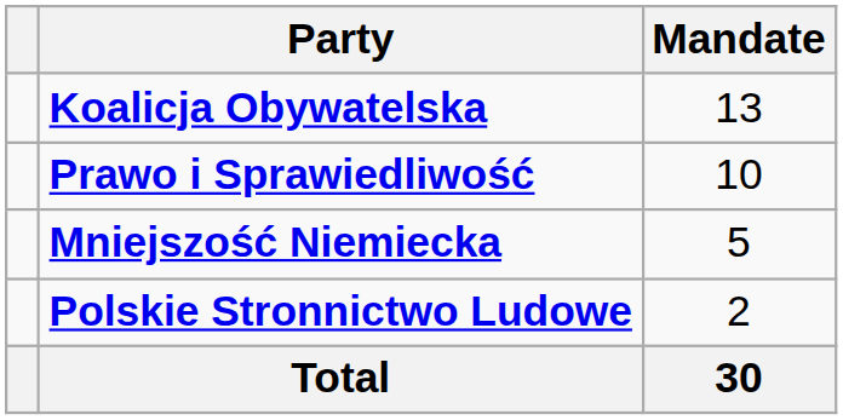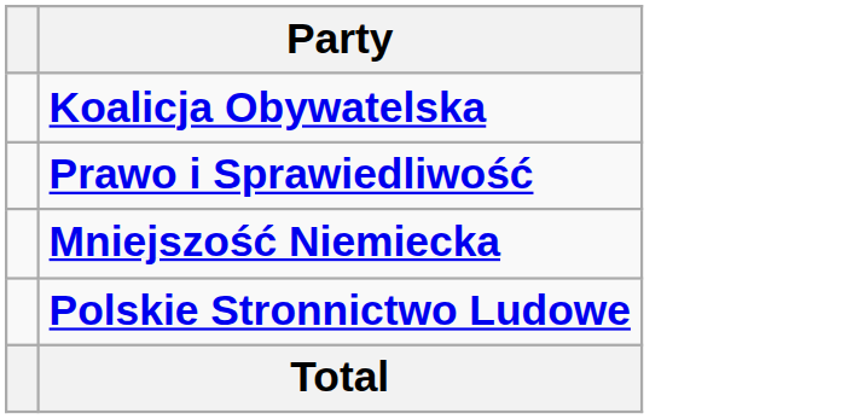 <table class="wikitable">
 <tr>
 <th width=5></th>
 <th>Party</th>
-<th>Mandate</th>
 </tr>
 <tr>
 <td style="background:"></td>
 <td><strong><a href='#'>Koalicja Obywatelska</a></strong></td>
-<td align="center">13</td>
 </tr>
 <tr>
 <td style="background:"></td>
 <td><strong><a href='#'>Prawo i Sprawiedliwość</a></strong></td>
-<td align="center">10</td>
 </tr>
 <tr>
 <td style="background:"></td>
 <td><strong><a href='#'>Mniejszość Niemiecka</a></strong></td>
-<td align="center">5</td>
 </tr>
 <tr>
 <td style="background:"></td>
 <td><strong><a href='#'>Polskie Stronnictwo Ludowe</a></strong></td>
-<td align="center">2</td>
 </tr>
 <tr bgcolor="#ececec">
 <th></th>
 <th>Total</th>
-<th align="center">30</th>
 </tr>
 </table>
